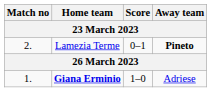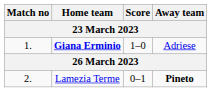 <table class="wikitable" style="text-align: center">
 <tr>
 <th>Match no</th>
 <th>Home team</th>
 <th>Score</th>
 <th>Away team</th>
 </tr>
 <tr>
 <th colspan="4">23 March 2023</th>
 </tr>
 <tr>
+<td>1.</td>
+<td><strong><a href='#'>Giana Erminio</a></strong></td>
+<td>1–0</td>
+<td><a href='#'>Adriese</a></td>
+</tr>
+<tr>
+<th colspan="4">26 March 2023</th>
+</tr>
+<tr>
 <td>2.</td>
 <td><a href='#'>Lamezia Terme</a></td>
 <td>0–1</td>
 <td><strong>Pineto</strong></td>
 </tr>
-<tr>
-<th colspan="4">26 March 2023</th>
-</tr>
-<tr>
-<td>1.</td>
-<td><strong><a href='#'>Giana Erminio</a></strong></td>
-<td>1–0</td>
-<td><a href='#'>Adriese</a></td>
-</tr>
 </table>
